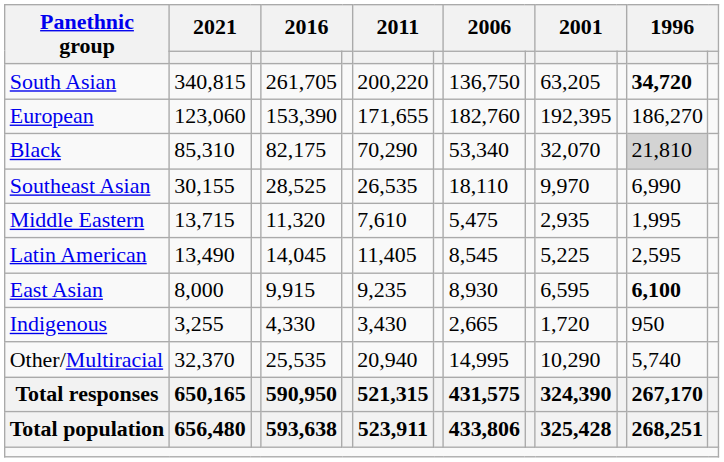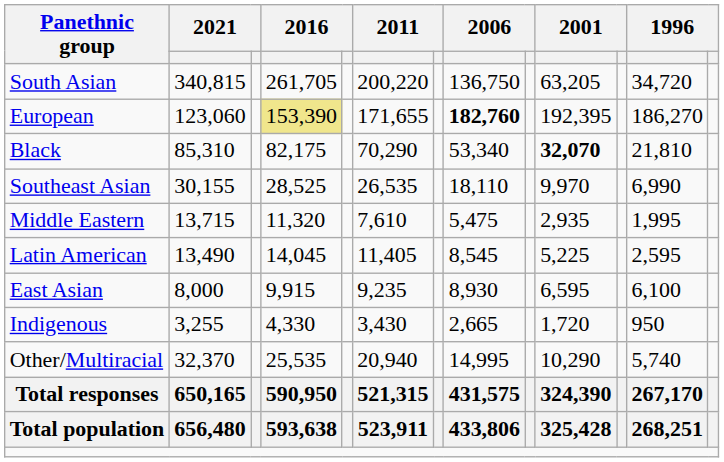 <table class="wikitable collapsible sortable">
 <tr>
 <th rowspan="2"><a href='#'>Panethnic</a><br>group</th>
 <th colspan="2">2021</th>
 <th colspan="2">2016</th>
 <th colspan="2">2011</th>
 <th colspan="2">2006</th>
 <th colspan="2">2001</th>
 <th colspan="2">1996</th>
 </tr>
 <tr>
 <th><a href='#'></a></th>
 <th></th>
 <th></th>
 <th></th>
 <th></th>
 <th></th>
 <th></th>
 <th></th>
 <th></th>
 <th></th>
 <th></th>
 <th></th>
 </tr>
 <tr>
 <td><a href='#'>South Asian</a></td>
 <td>340,815</td>
 <td></td>
 <td>261,705</td>
 <td></td>
 <td>200,220</td>
 <td></td>
 <td>136,750</td>
 <td></td>
 <td>63,205</td>
 <td></td>
-<td><strong>34,720</strong></td>
+<td>34,720</td>
 <td></td>
 </tr>
 <tr>
 <td><a href='#'>European</a></td>
 <td>123,060</td>
 <td></td>
-<td>153,390</td>
+<td style="background: khaki;">153,390</td>
 <td></td>
 <td>171,655</td>
 <td></td>
-<td>182,760</td>
+<td><strong>182,760</strong></td>
 <td></td>
 <td>192,395</td>
 <td></td>
 <td>186,270</td>
 <td></td>
 </tr>
 <tr>
 <td><a href='#'>Black</a></td>
 <td>85,310</td>
 <td></td>
 <td>82,175</td>
 <td></td>
 <td>70,290</td>
 <td></td>
 <td>53,340</td>
 <td></td>
-<td>32,070</td>
+<td><strong>32,070</strong></td>
 <td></td>
-<td style="background: lightgrey;">21,810</td>
+<td>21,810</td>
 <td></td>
 </tr>
 <tr>
 <td><a href='#'>Southeast Asian</a></td>
 <td>30,155</td>
 <td></td>
 <td>28,525</td>
 <td></td>
 <td>26,535</td>
 <td></td>
 <td>18,110</td>
 <td></td>
 <td>9,970</td>
 <td></td>
 <td>6,990</td>
 <td></td>
 </tr>
 <tr>
 <td><a href='#'>Middle Eastern</a></td>
 <td>13,715</td>
 <td></td>
 <td>11,320</td>
 <td></td>
 <td>7,610</td>
 <td></td>
 <td>5,475</td>
 <td></td>
 <td>2,935</td>
 <td></td>
 <td>1,995</td>
 <td></td>
 </tr>
 <tr>
 <td><a href='#'>Latin American</a></td>
 <td>13,490</td>
 <td></td>
 <td>14,045</td>
 <td></td>
 <td>11,405</td>
 <td></td>
 <td>8,545</td>
 <td></td>
 <td>5,225</td>
 <td></td>
 <td>2,595</td>
 <td></td>
 </tr>
 <tr>
 <td><a href='#'>East Asian</a></td>
 <td>8,000</td>
 <td></td>
 <td>9,915</td>
 <td></td>
 <td>9,235</td>
 <td></td>
 <td>8,930</td>
 <td></td>
 <td>6,595</td>
 <td></td>
-<td><strong>6,100</strong></td>
+<td>6,100</td>
 <td></td>
 </tr>
 <tr>
 <td><a href='#'>Indigenous</a></td>
 <td>3,255</td>
 <td></td>
 <td>4,330</td>
 <td></td>
 <td>3,430</td>
 <td></td>
 <td>2,665</td>
 <td></td>
 <td>1,720</td>
 <td></td>
 <td>950</td>
 <td></td>
 </tr>
 <tr>
 <td>Other/<a href='#'>Multiracial</a></td>
 <td>32,370</td>
 <td></td>
 <td>25,535</td>
 <td></td>
 <td>20,940</td>
 <td></td>
 <td>14,995</td>
 <td></td>
 <td>10,290</td>
 <td></td>
 <td>5,740</td>
 <td></td>
 </tr>
 <tr>
 <th>Total responses</th>
 <th>650,165</th>
 <th></th>
 <th>590,950</th>
 <th></th>
 <th>521,315</th>
 <th></th>
 <th>431,575</th>
 <th></th>
 <th>324,390</th>
 <th></th>
 <th>267,170</th>
 <th></th>
 </tr>
 <tr>
 <th>Total population</th>
 <th>656,480</th>
 <th></th>
 <th>593,638</th>
 <th></th>
 <th>523,911</th>
 <th></th>
 <th>433,806</th>
 <th></th>
 <th>325,428</th>
 <th></th>
 <th>268,251</th>
 <th></th>
 </tr>
 <tr class="sortbottom">
 <td colspan="15"></td>
 </tr>
 </table>
